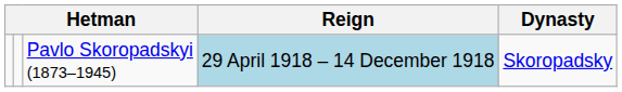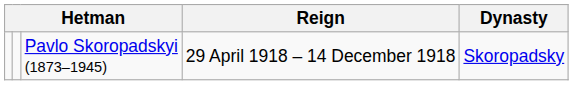 <table class="wikitable">
 <tr>
 <th colspan="3">Hetman</th>
 <th>Reign</th>
 <th>Dynasty</th>
 </tr>
 <tr>
 <td></td>
 <td></td>
 <td><a href='#'>Pavlo Skoropadskyi</a><br><small>(1873–1945)</small></td>
-<td style="background: lightblue;">29 April 1918 – 14 December 1918</td>
+<td>29 April 1918 – 14 December 1918</td>
 <td><a href='#'>Skoropadsky</a></td>
 </tr>
 </table>
